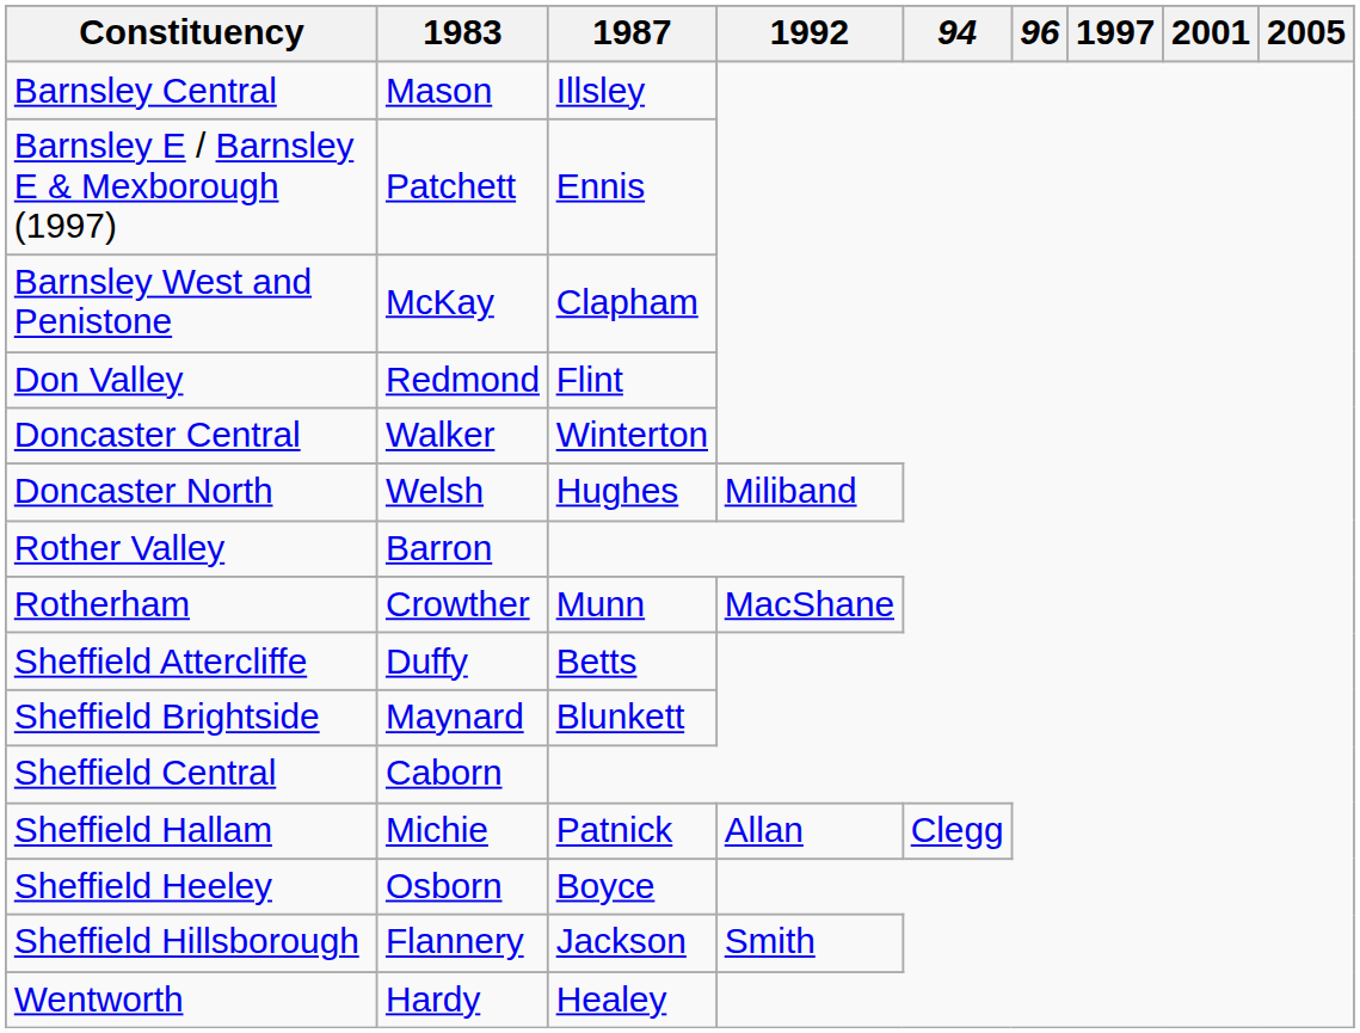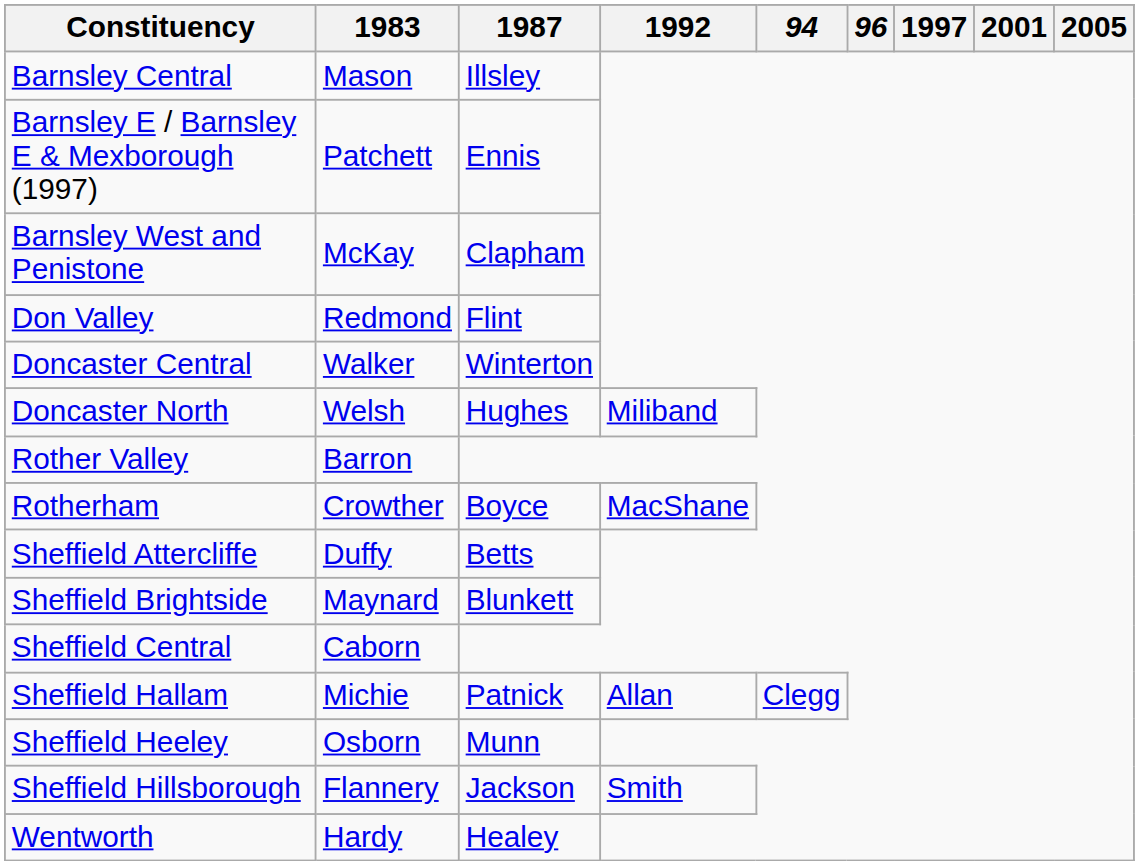 <table class="wikitable">
 <tr>
 <th>Constituency</th>
 <th>1983</th>
 <th>1987</th>
 <th>1992</th>
 <th><em>94</em></th>
 <th><em>96</em></th>
 <th>1997</th>
 <th>2001</th>
 <th>2005</th>
 </tr>
 <tr>
 <td><a href='#'>Barnsley Central</a></td>
 <td><a href='#'>Mason</a></td>
 <td><a href='#'>Illsley</a></td>
 </tr>
 <tr>
 <td><a href='#'>Barnsley E</a> / <a href='#'>Barnsley E & Mexborough</a> (1997)</td>
 <td><a href='#'>Patchett</a></td>
 <td><a href='#'>Ennis</a></td>
 </tr>
 <tr>
 <td><a href='#'>Barnsley West and Penistone</a></td>
 <td><a href='#'>McKay</a></td>
 <td><a href='#'>Clapham</a></td>
 </tr>
 <tr>
 <td><a href='#'>Don Valley</a></td>
 <td><a href='#'>Redmond</a></td>
 <td><a href='#'>Flint</a></td>
 </tr>
 <tr>
 <td><a href='#'>Doncaster Central</a></td>
 <td><a href='#'>Walker</a></td>
 <td><a href='#'>Winterton</a></td>
 </tr>
 <tr>
 <td><a href='#'>Doncaster North</a></td>
 <td><a href='#'>Welsh</a></td>
 <td><a href='#'>Hughes</a></td>
 <td><a href='#'>Miliband</a></td>
 </tr>
 <tr>
 <td><a href='#'>Rother Valley</a></td>
 <td><a href='#'>Barron</a></td>
 </tr>
 <tr>
 <td><a href='#'>Rotherham</a></td>
 <td><a href='#'>Crowther</a></td>
-<td><a href='#'>Munn</a></td>
+<td><a href='#'>Boyce</a></td>
 <td><a href='#'>MacShane</a></td>
 </tr>
 <tr>
 <td><a href='#'>Sheffield Attercliffe</a></td>
 <td><a href='#'>Duffy</a></td>
 <td><a href='#'>Betts</a></td>
 </tr>
 <tr>
 <td><a href='#'>Sheffield Brightside</a></td>
 <td><a href='#'>Maynard</a></td>
 <td><a href='#'>Blunkett</a></td>
 </tr>
 <tr>
 <td><a href='#'>Sheffield Central</a></td>
 <td><a href='#'>Caborn</a></td>
 </tr>
 <tr>
 <td><a href='#'>Sheffield Hallam</a></td>
 <td><a href='#'>Michie</a></td>
 <td><a href='#'>Patnick</a></td>
 <td><a href='#'>Allan</a></td>
 <td><a href='#'>Clegg</a></td>
 </tr>
 <tr>
 <td><a href='#'>Sheffield Heeley</a></td>
 <td><a href='#'>Osborn</a></td>
-<td><a href='#'>Boyce</a></td>
+<td><a href='#'>Munn</a></td>
 </tr>
 <tr>
 <td><a href='#'>Sheffield Hillsborough</a></td>
 <td><a href='#'>Flannery</a></td>
 <td><a href='#'>Jackson</a></td>
 <td><a href='#'>Smith</a></td>
 </tr>
 <tr>
 <td><a href='#'>Wentworth</a></td>
 <td><a href='#'>Hardy</a></td>
 <td><a href='#'>Healey</a></td>
 </tr>
 </table>
